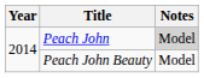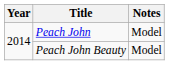 <table class="wikitable">
 <tr>
 <th>Year</th>
 <th>Title</th>
 <th>Notes</th>
 </tr>
 <tr>
 <td rowspan="2">2014</td>
 <td><em><a href='#'>Peach John</a></em></td>
-<td style="background: lightgrey;">Model</td>
+<td>Model</td>
 </tr>
 <tr>
 <td><em>Peach John Beauty</em></td>
 <td>Model</td>
 </tr>
 </table>
